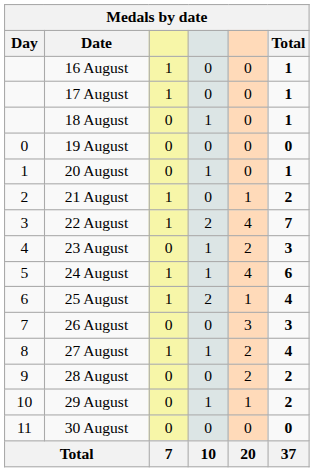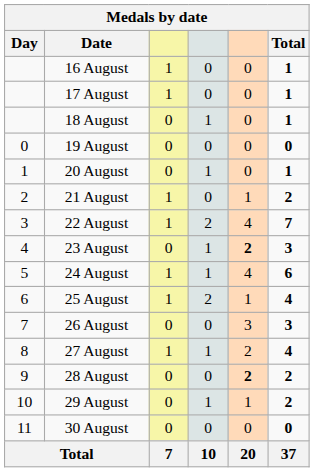 <table class="wikitable" style="font-size:90%; text-align:center;">
 <tr style="background:#efefef;">
 <th colspan=6>Medals by date</th>
 </tr>
 <tr>
 <th width=30>Day</th>
 <th width=90>Date</th>
 <th width=30 style="background:#F7F6A8;"></th>
 <th width=30 style="background:#DCE5E5;"></th>
 <th width=30 style="background:#FFDAB9;"></th>
 <th width=30>Total</th>
 </tr>
 <tr>
 <td></td>
 <td>16 August</td>
 <td style="background:#F7F6A8;">1</td>
 <td style="background:#DCE5E5;">0</td>
 <td style="background:#FFDAB9;">0</td>
 <td><strong>1</strong></td>
 </tr>
 <tr>
 <td></td>
 <td>17 August</td>
 <td style="background:#F7F6A8;">1</td>
 <td style="background:#DCE5E5;">0</td>
 <td style="background:#FFDAB9;">0</td>
 <td><strong>1</strong></td>
 </tr>
 <tr>
 <td></td>
 <td>18 August</td>
 <td style="background:#F7F6A8;">0</td>
 <td style="background:#DCE5E5;">1</td>
 <td style="background:#FFDAB9;">0</td>
 <td><strong>1</strong></td>
 </tr>
 <tr>
 <td>0</td>
 <td>19 August</td>
 <td style="background:#F7F6A8;">0</td>
 <td style="background:#DCE5E5;">0</td>
 <td style="background:#FFDAB9;">0</td>
 <td><strong>0</strong></td>
 </tr>
 <tr>
 <td>1</td>
 <td>20 August</td>
 <td style="background:#F7F6A8;">0</td>
 <td style="background:#DCE5E5;">1</td>
 <td style="background:#FFDAB9;">0</td>
 <td><strong>1</strong></td>
 </tr>
 <tr>
 <td>2</td>
 <td>21 August</td>
 <td style="background:#F7F6A8;">1</td>
 <td style="background:#DCE5E5;">0</td>
 <td style="background:#FFDAB9;">1</td>
 <td><strong>2</strong></td>
 </tr>
 <tr>
 <td>3</td>
 <td>22 August</td>
 <td style="background:#F7F6A8;">1</td>
 <td style="background:#DCE5E5;">2</td>
 <td style="background:#FFDAB9;">4</td>
 <td><strong>7</strong></td>
 </tr>
 <tr>
 <td>4</td>
 <td>23 August</td>
 <td style="background:#F7F6A8;">0</td>
 <td style="background:#DCE5E5;">1</td>
-<td style="background:#FFDAB9;">2</td>
+<td style="background:#FFDAB9;"><strong>2</strong></td>
 <td><strong>3</strong></td>
 </tr>
 <tr>
 <td>5</td>
 <td>24 August</td>
 <td style="background:#F7F6A8;">1</td>
 <td style="background:#DCE5E5;">1</td>
 <td style="background:#FFDAB9;">4</td>
 <td><strong>6</strong></td>
 </tr>
 <tr>
 <td>6</td>
 <td>25 August</td>
 <td style="background:#F7F6A8;">1</td>
 <td style="background:#DCE5E5;">2</td>
 <td style="background:#FFDAB9;">1</td>
 <td><strong>4</strong></td>
 </tr>
 <tr>
 <td>7</td>
 <td>26 August</td>
 <td style="background:#F7F6A8;">0</td>
 <td style="background:#DCE5E5;">0</td>
 <td style="background:#FFDAB9;">3</td>
 <td><strong>3</strong></td>
 </tr>
 <tr>
 <td>8</td>
 <td>27 August</td>
 <td style="background:#F7F6A8;">1</td>
 <td style="background:#DCE5E5;">1</td>
 <td style="background:#FFDAB9;">2</td>
 <td><strong>4</strong></td>
 </tr>
 <tr>
 <td>9</td>
 <td>28 August</td>
 <td style="background:#F7F6A8;">0</td>
 <td style="background:#DCE5E5;">0</td>
-<td style="background:#FFDAB9;">2</td>
+<td style="background:#FFDAB9;"><strong>2</strong></td>
 <td><strong>2</strong></td>
 </tr>
 <tr>
 <td>10</td>
 <td>29 August</td>
 <td style="background:#F7F6A8;">0</td>
 <td style="background:#DCE5E5;">1</td>
 <td style="background:#FFDAB9;">1</td>
 <td><strong>2</strong></td>
 </tr>
 <tr>
 <td>11</td>
 <td>30 August</td>
 <td style="background:#F7F6A8;">0</td>
 <td style="background:#DCE5E5;">0</td>
 <td style="background:#FFDAB9;">0</td>
 <td><strong>0</strong></td>
 </tr>
 <tr>
 <th colspan="2">Total</th>
 <th>7</th>
 <th>10</th>
 <th>20</th>
 <th>37</th>
 </tr>
 </table>
